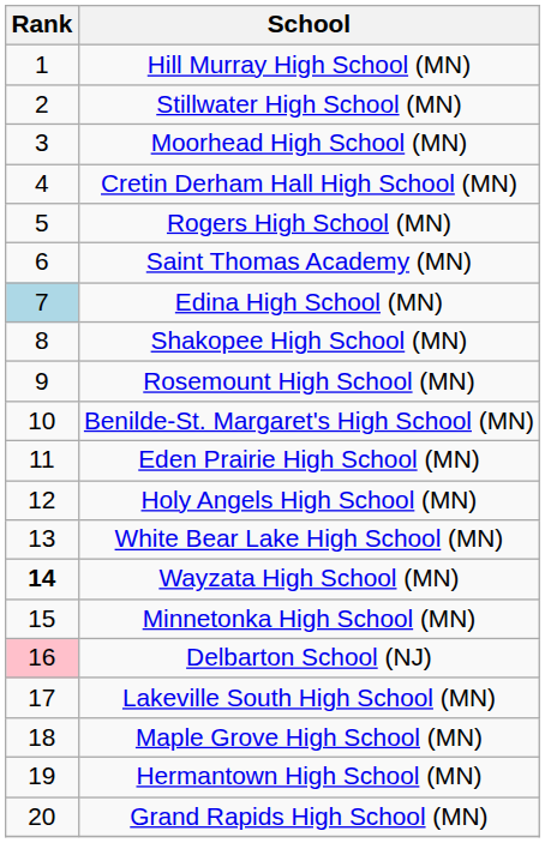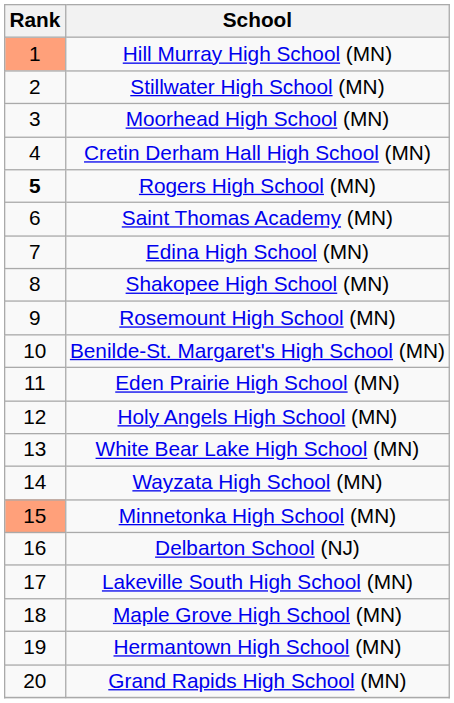 <table class="wikitable plainrowheaders sortable" style="text-align:center;" border="1">
 <tr>
 <th scope="col">Rank</th>
 <th scope="col">School</th>
 </tr>
 <tr>
-<td>1</td>
+<td style="background: lightsalmon;">1</td>
 <td><a href='#'>Hill Murray High School</a> (MN)</td>
 </tr>
 <tr>
 <td>2</td>
 <td><a href='#'>Stillwater High School</a> (MN)</td>
 </tr>
 <tr>
 <td>3</td>
 <td><a href='#'>Moorhead High School</a> (MN)</td>
 </tr>
 <tr>
 <td>4</td>
 <td><a href='#'>Cretin Derham Hall High School</a> (MN)</td>
 </tr>
 <tr>
-<td>5</td>
+<td><strong>5</strong></td>
 <td><a href='#'>Rogers High School</a> (MN)</td>
 </tr>
 <tr>
 <td>6</td>
 <td><a href='#'>Saint Thomas Academy</a> (MN)</td>
 </tr>
 <tr>
-<td style="background: lightblue;">7</td>
+<td>7</td>
 <td><a href='#'>Edina High School</a> (MN)</td>
 </tr>
 <tr>
 <td>8</td>
 <td><a href='#'>Shakopee High School</a> (MN)</td>
 </tr>
 <tr>
 <td>9</td>
 <td><a href='#'>Rosemount High School</a> (MN)</td>
 </tr>
 <tr>
 <td>10</td>
 <td><a href='#'>Benilde-St. Margaret's High School</a> (MN)</td>
 </tr>
 <tr>
 <td>11</td>
 <td><a href='#'>Eden Prairie High School</a> (MN)</td>
 </tr>
 <tr>
 <td>12</td>
 <td><a href='#'>Holy Angels High School</a> (MN)</td>
 </tr>
 <tr>
 <td>13</td>
 <td><a href='#'>White Bear Lake High School</a> (MN)</td>
 </tr>
 <tr>
-<td><strong>14</strong></td>
+<td>14</td>
 <td><a href='#'>Wayzata High School</a> (MN)</td>
 </tr>
 <tr>
-<td>15</td>
+<td style="background: lightsalmon;">15</td>
 <td><a href='#'>Minnetonka High School</a> (MN)</td>
 </tr>
 <tr>
-<td style="background: pink;">16</td>
+<td>16</td>
 <td><a href='#'>Delbarton School</a> (NJ)</td>
 </tr>
 <tr>
 <td>17</td>
 <td><a href='#'>Lakeville South High School</a> (MN)</td>
 </tr>
 <tr>
 <td>18</td>
 <td><a href='#'>Maple Grove High School</a> (MN)</td>
 </tr>
 <tr>
 <td>19</td>
 <td><a href='#'>Hermantown High School</a> (MN)</td>
 </tr>
 <tr>
 <td>20</td>
 <td><a href='#'>Grand Rapids High School</a> (MN)</td>
 </tr>
 <tr>
 </tr>
 <tr>
 </tr>
 </table>
